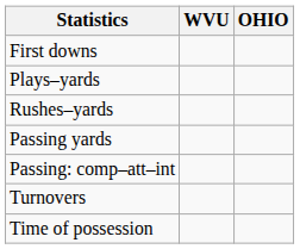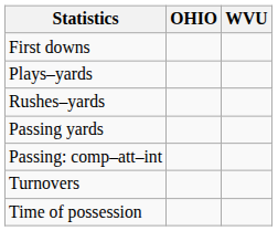 <table class="wikitable" style="float:left">
 <tr>
 <th>Statistics</th>
+<th>OHIO</th>
 <th>WVU</th>
-<th>OHIO</th>
 </tr>
 <tr>
 <td>First downs</td>
 <td></td>
 <td></td>
 </tr>
 <tr>
 <td>Plays–yards</td>
 <td></td>
 <td></td>
 </tr>
 <tr>
 <td>Rushes–yards</td>
 <td></td>
 <td></td>
 </tr>
 <tr>
 <td>Passing yards</td>
 <td></td>
 <td></td>
 </tr>
 <tr>
 <td>Passing: comp–att–int</td>
 <td></td>
 <td></td>
 </tr>
 <tr>
 <td>Turnovers</td>
 <td></td>
 <td></td>
 </tr>
 <tr>
 <td>Time of possession</td>
 <td></td>
 <td></td>
 </tr>
 </table>
